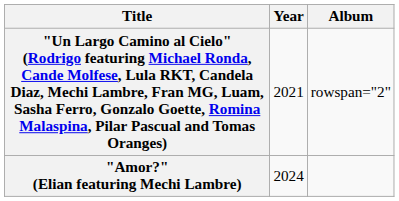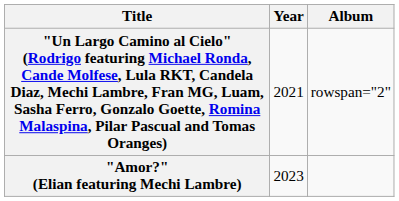 <table class="wikitable plainrowheaders" style="text-align:center;">
 <tr>
 <th scope="col" style="width:17em;">Title</th>
 <th scope="col" style="width:1em;">Year</th>
 <th scope="col">Album</th>
 </tr>
 <tr>
 <th scope="row">"Un Largo Camino al Cielo"<br><span>(<a href='#'>Rodrigo</a> featuring <a href='#'>Michael Ronda</a>, <a href='#'>Cande Molfese</a>, Lula RKT, Candela Diaz, Mechi Lambre, Fran MG, Luam, Sasha Ferro, Gonzalo Goette, <a href='#'>Romina Malaspina</a>, Pilar Pascual and Tomas Oranges)</span></th>
 <td>2021</td>
 <td>rowspan="2" </td>
 </tr>
 <tr>
 <th scope="row">"Amor?"<br><span>(Elian featuring Mechi Lambre)</span></th>
-<td>2024</td>
+<td>2023</td>
 </tr>
 </table>
